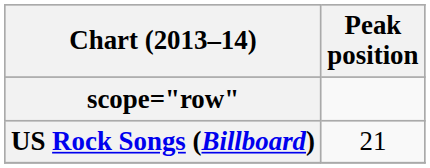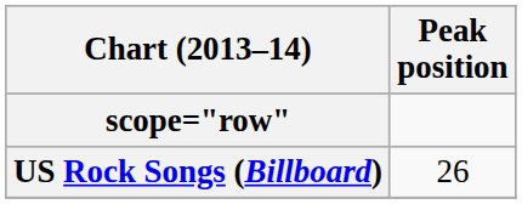 <table class="wikitable sortable plainrowheaders">
 <tr>
 <th>Chart (2013–14)</th>
 <th>Peak<br>position</th>
 </tr>
 <tr>
 <th>scope="row" </th>
 </tr>
 <tr>
 <th scope="row">US <a href='#'>Rock Songs</a> (<em><a href='#'>Billboard</a></em>)</th>
-<td style="text-align:center;">21</td>
+<td style="text-align:center;">26</td>
 </tr>
 <tr>
 </tr>
 </table>
